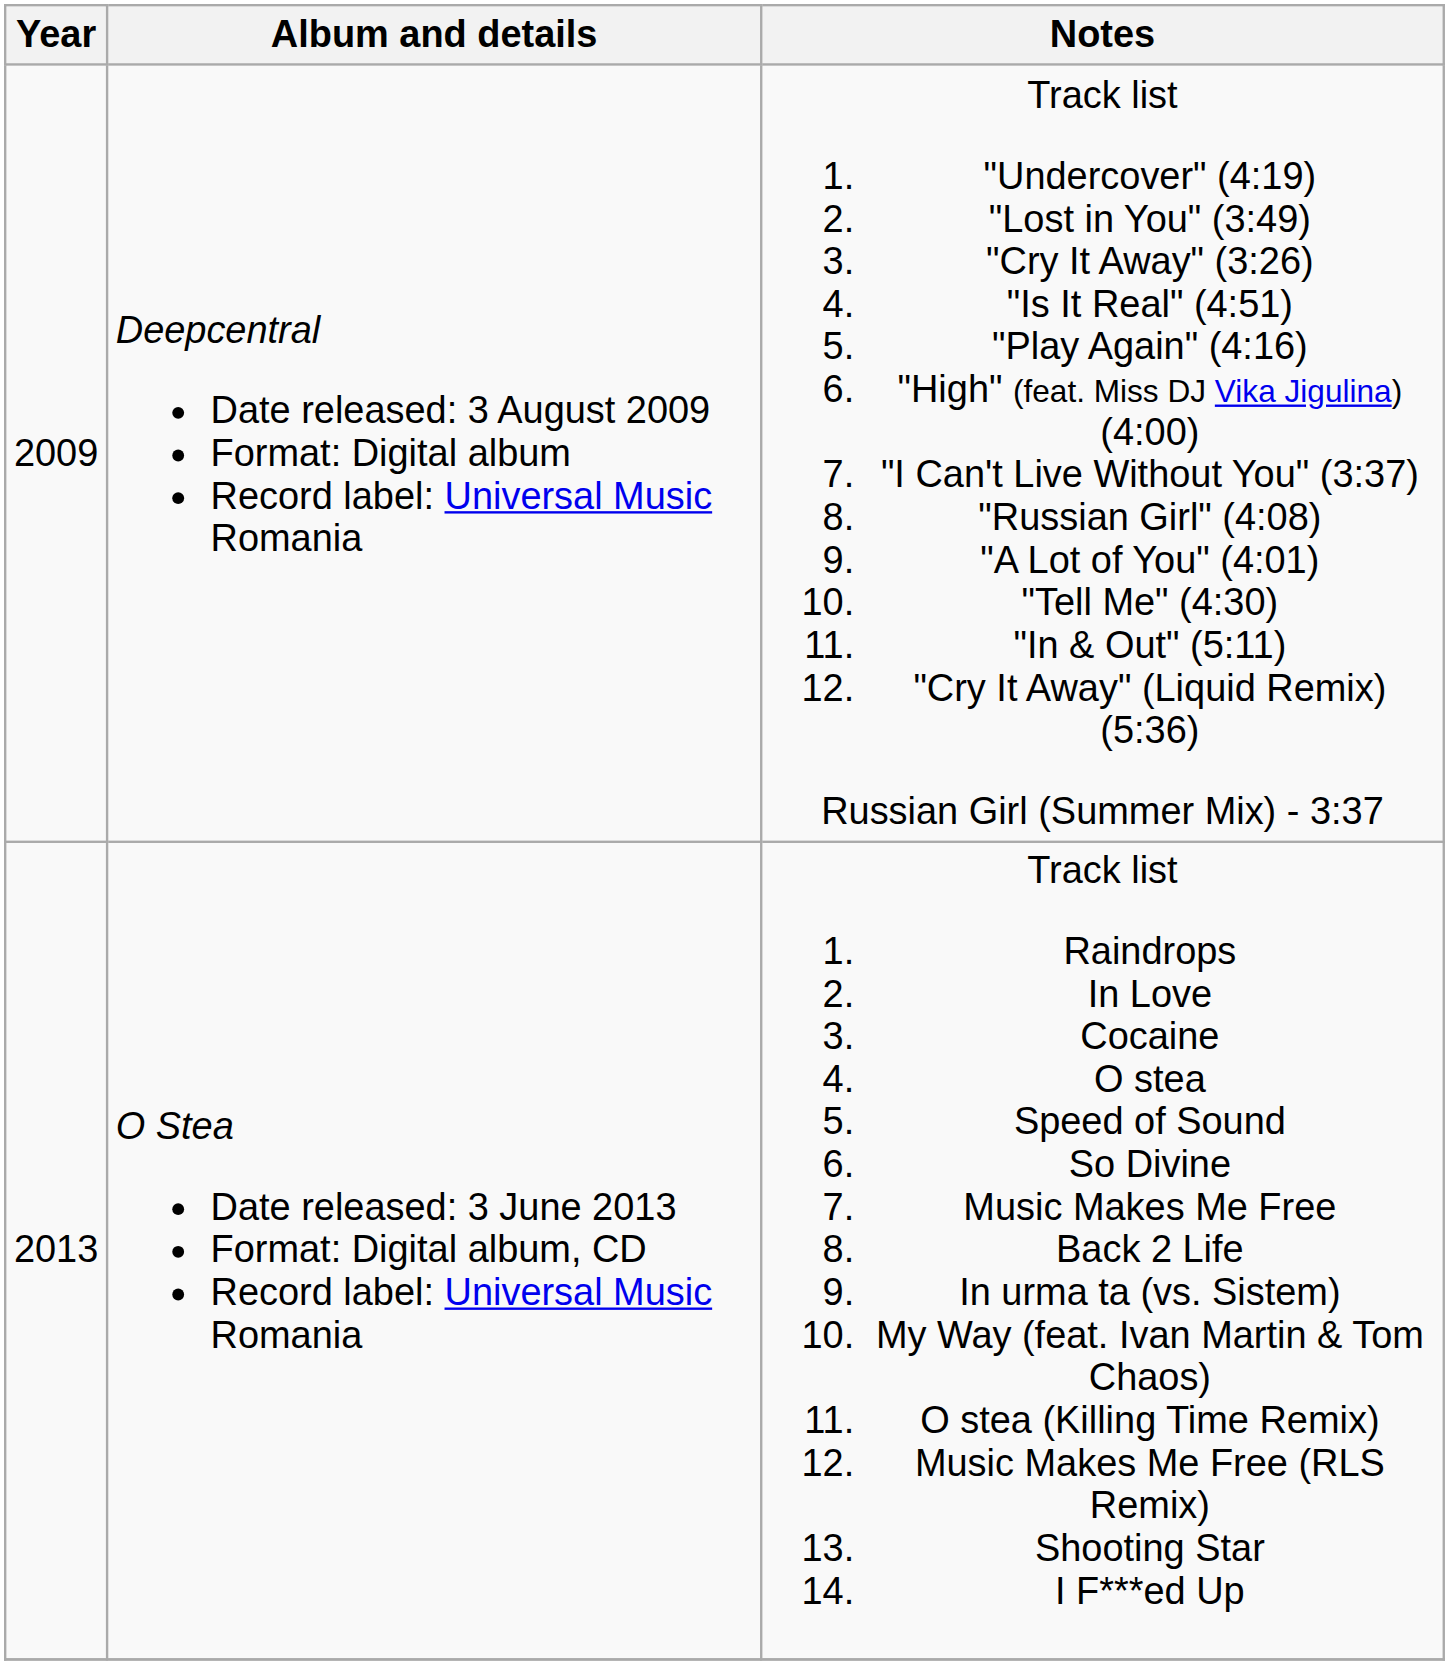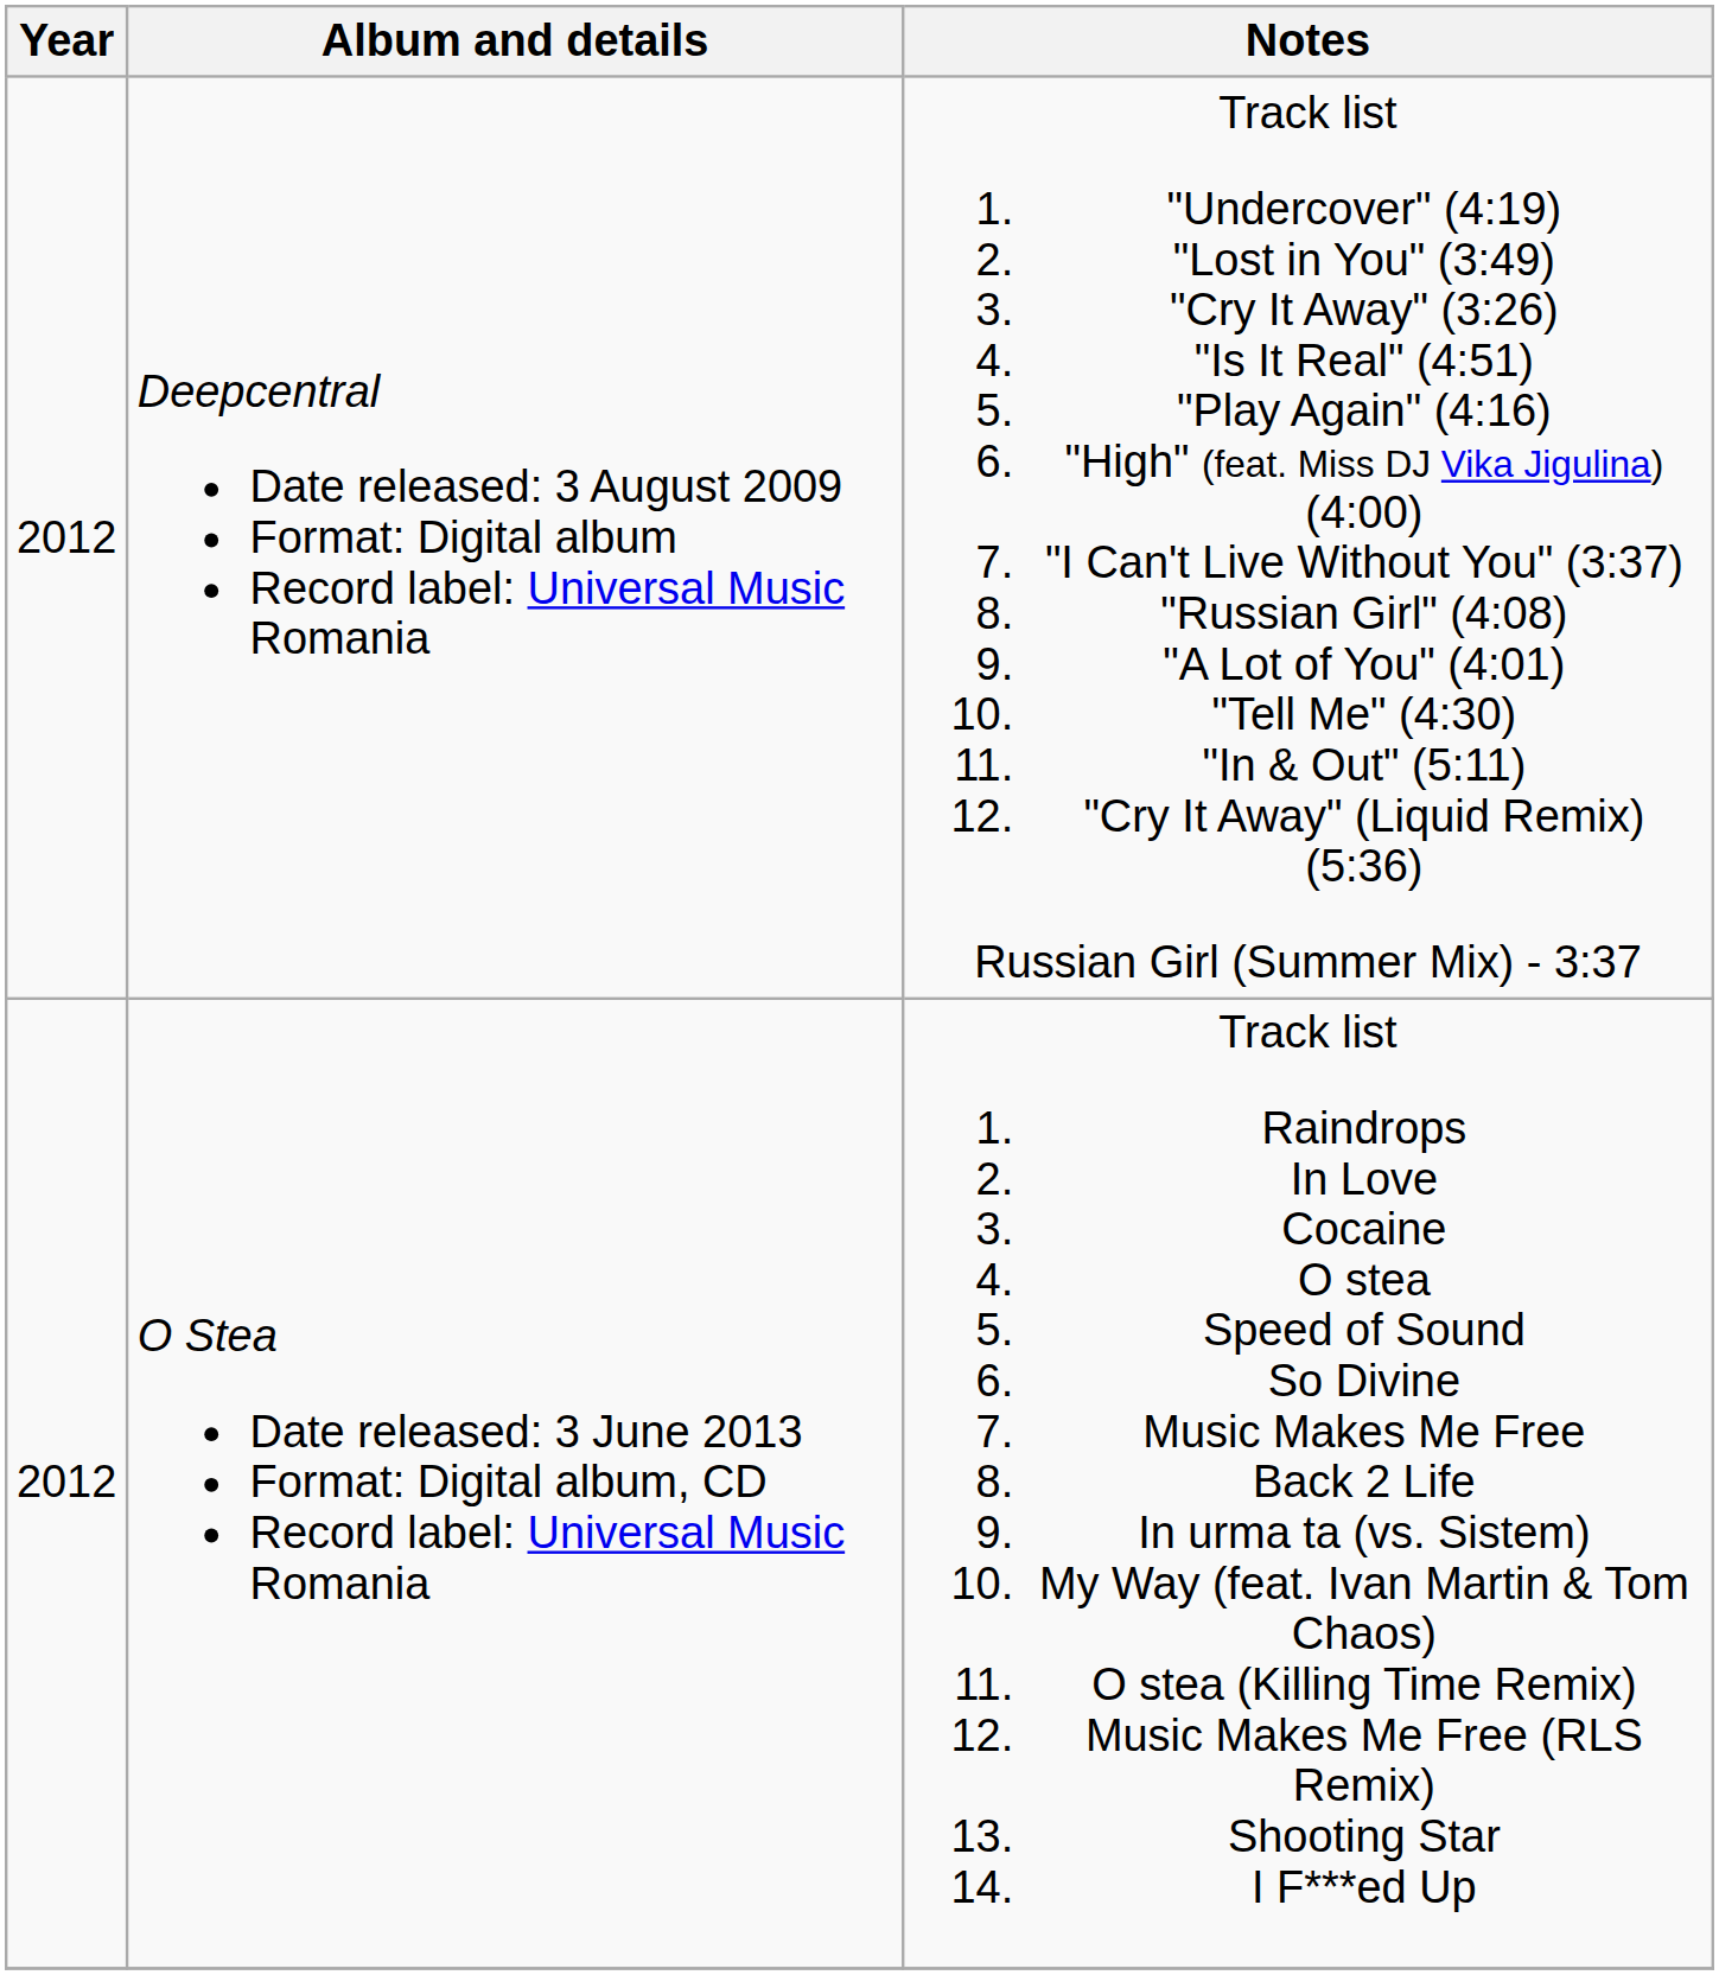 <table class="wikitable" style="text-align:center;">
 <tr>
 <th rowspan=1>Year</th>
 <th rowspan=1>Album and details</th>
 <th rowspan=1>Notes</th>
 </tr>
 <tr>
-<td rowspan=1>2009</td>
+<td rowspan=1>2012</td>
 <td align=left><em>Deepcentral</em><br><ul><li>Date released: 3 August 2009</li><li>Format: Digital album</li><li>Record label: <a href='#'>Universal Music</a> Romania</li></ul></td>
 <td>Track list<br><ol><li>"Undercover" (4:19)</li><li>"Lost in You" (3:49)</li><li>"Cry It Away" (3:26)</li><li>"Is It Real" (4:51)</li><li>"Play Again" (4:16)</li><li>"High" <small>(feat. Miss DJ <a href='#'>Vika Jigulina</a>)</small> (4:00)</li><li>"I Can't Live Without You" (3:37)</li><li>"Russian Girl" (4:08)</li><li>"A Lot of You" (4:01)</li><li>"Tell Me" (4:30)</li><li>"In & Out" (5:11)</li><li>"Cry It Away" (Liquid Remix) (5:36)</li></ol>Russian Girl (Summer Mix) - 3:37</td>
 </tr>
 <tr>
-<td rowspan=1>2013</td>
+<td rowspan=1>2012</td>
 <td align=left><em>O Stea</em><br><ul><li>Date released: 3 June 2013</li><li>Format: Digital album, CD</li><li>Record label: <a href='#'>Universal Music</a> Romania</li></ul></td>
 <td>Track list<br><ol><li>Raindrops</li><li>In Love</li><li>Cocaine</li><li>O stea</li><li>Speed of Sound</li><li>So Divine</li><li>Music Makes Me Free</li><li>Back 2 Life</li><li>In urma ta (vs. Sistem)</li><li>My Way (feat. Ivan Martin & Tom Chaos)</li><li>O stea (Killing Time Remix)</li><li>Music Makes Me Free (RLS Remix)</li><li>Shooting Star</li><li>I F***ed Up</li></ol></td>
 </tr>
 <tr>
 </tr>
 </table>
